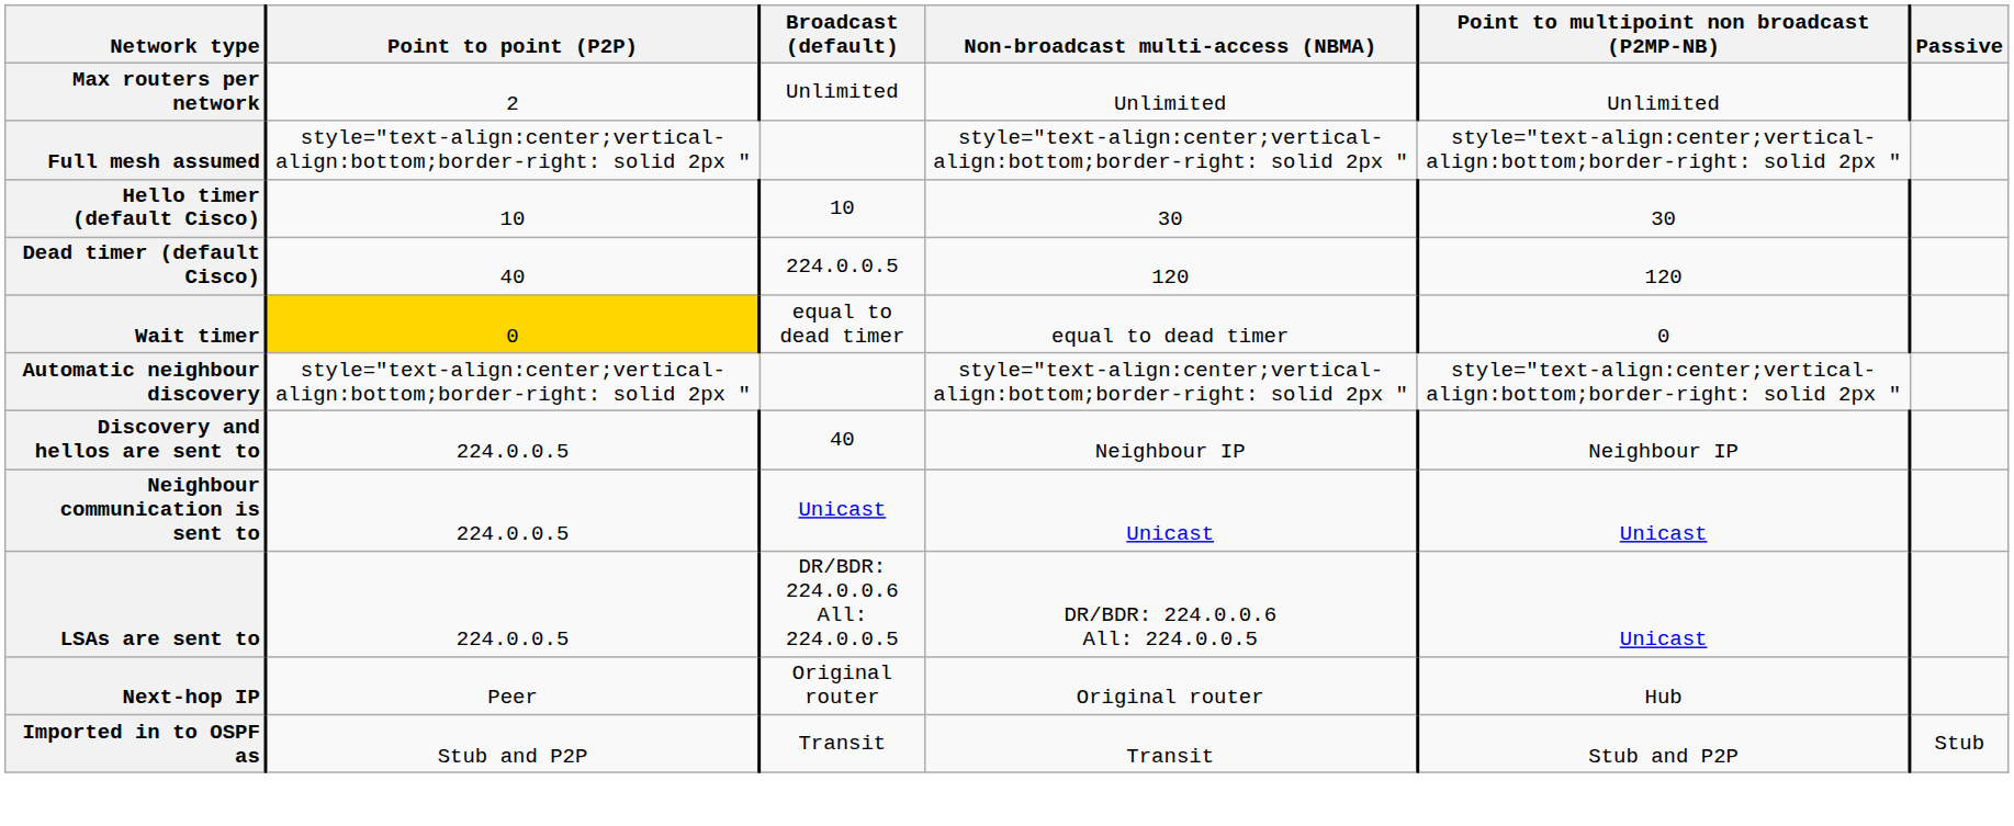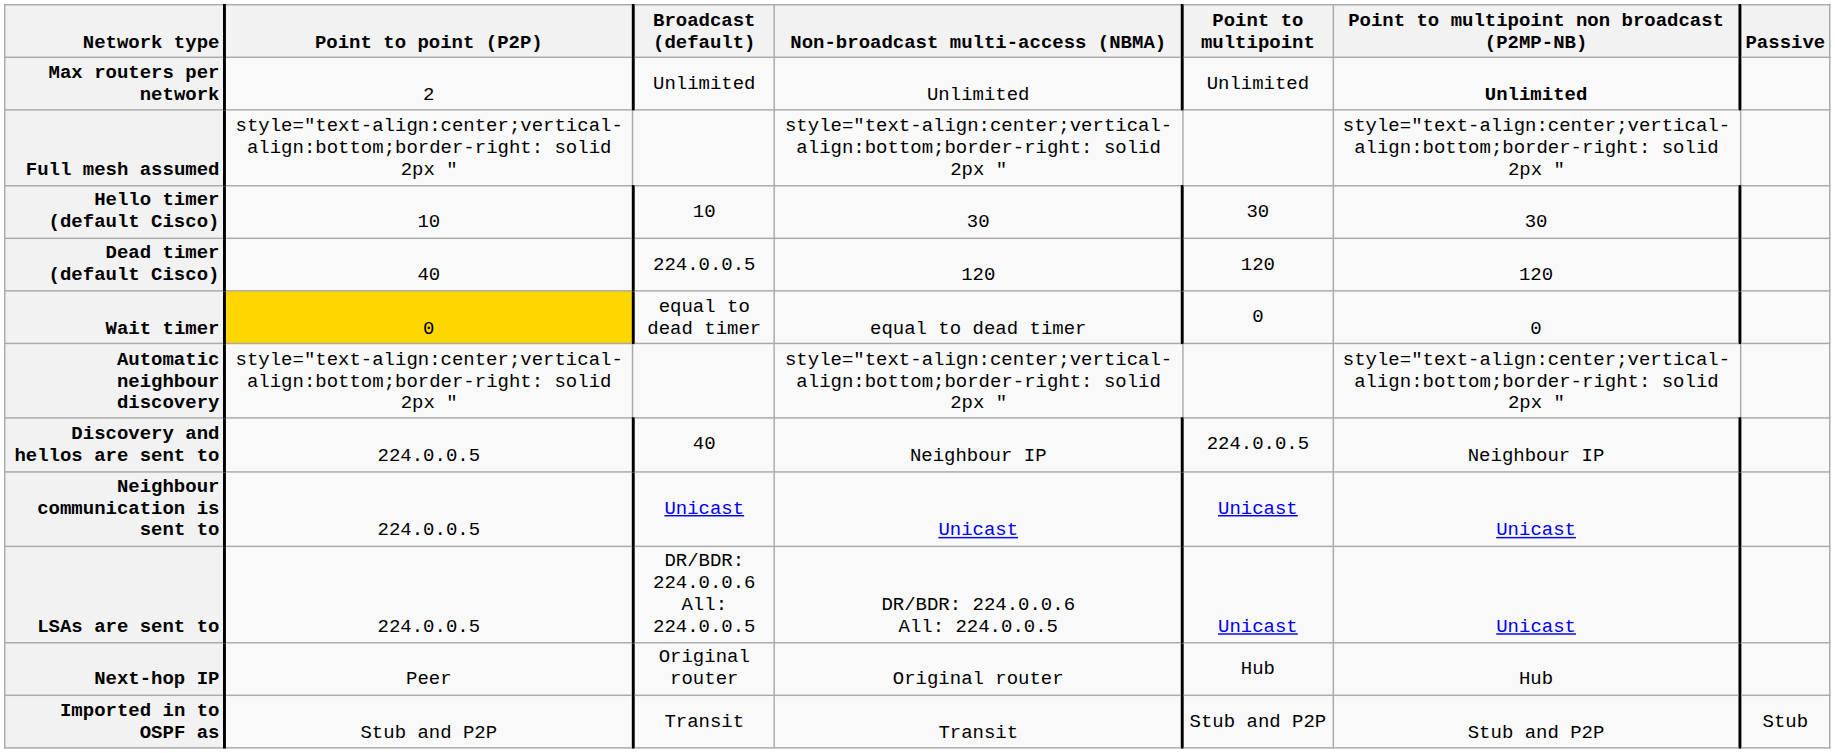 <table class="wikitable">
 <tr>
 <th style="text-align:right;vertical-align:bottom;border-right: solid 2px">Network type</th>
 <th style="vertical-align:bottom;border-right: solid 2px ">Point to point (P2P)</th>
 <th style="vertical-align:bottom;">Broadcast (default)</th>
 <th style="vertical-align:bottom;border-right: solid 2px ">Non-broadcast multi-access (NBMA)</th>
+<th style="vertical-align:bottom;">Point to multipoint</th>
 <th style="vertical-align:bottom;border-right: solid 2px ">Point to multipoint non broadcast (P2MP-NB)</th>
 <th style="vertical-align:bottom;">Passive</th>
 </tr>
 <tr style="text-align:center;vertical-align:middle;">
 <th style="text-align:right;vertical-align:bottom;border-right: solid 2px">Max routers per network</th>
 <td style="text-align:center;vertical-align:bottom;border-right: solid 2px">2</td>
 <td>Unlimited</td>
 <td style="text-align:center;vertical-align:bottom;border-right: solid 2px">Unlimited</td>
-<td style="text-align:center;vertical-align:bottom;border-right: solid 2px">Unlimited</td>
+<td>Unlimited</td>
+<td style="text-align:center;vertical-align:bottom;border-right: solid 2px"><strong>Unlimited</strong></td>
 <td></td>
 </tr>
 <tr style="text-align:center;vertical-align:middle;">
 <th style="text-align:right;vertical-align:bottom;border-right: solid 2px ">Full mesh assumed</th>
 <td>style="text-align:center;vertical-align:bottom;border-right: solid 2px " </td>
 <td></td>
 <td>style="text-align:center;vertical-align:bottom;border-right: solid 2px " </td>
+<td></td>
 <td>style="text-align:center;vertical-align:bottom;border-right: solid 2px " </td>
 <td></td>
 </tr>
 <tr style="text-align:center;vertical-align:middle;">
 <th style="text-align:right;vertical-align:bottom;border-right: solid 2px ">Hello timer (default Cisco)</th>
 <td style="text-align:center;vertical-align:bottom;border-right: solid 2px ">10</td>
 <td>10</td>
 <td style="text-align:center;vertical-align:bottom;border-right: solid 2px ">30</td>
+<td>30</td>
 <td style="text-align:center;vertical-align:bottom;border-right: solid 2px ">30</td>
 <td></td>
 </tr>
 <tr style="text-align:center;vertical-align:middle;">
 <th style="text-align:right;vertical-align:bottom;border-right: solid 2px">Dead timer (default Cisco)</th>
 <td style="text-align:center;vertical-align:bottom;border-right: solid 2px ">40</td>
 <td>224.0.0.5</td>
 <td style="text-align:center;vertical-align:bottom;border-right: solid 2px ">120</td>
+<td>120</td>
 <td style="text-align:center;vertical-align:bottom;border-right: solid 2px ">120</td>
 <td></td>
 </tr>
 <tr style="text-align:center;vertical-align:middle;">
 <th style="text-align:right;vertical-align:bottom;border-right: solid 2px">Wait timer</th>
 <td style="background: gold; text-align:center;vertical-align:bottom;border-right: solid 2px ">0</td>
 <td>equal to dead timer</td>
 <td style="text-align:center;vertical-align:bottom;border-right: solid 2px ">equal to dead timer</td>
+<td>0</td>
 <td style="text-align:center;vertical-align:bottom;border-right: solid 2px ">0</td>
 <td></td>
 </tr>
 <tr style="text-align:center;vertical-align:middle;">
 <th style="text-align:right;vertical-align:bottom;border-right: solid 2px ">Automatic neighbour discovery</th>
 <td>style="text-align:center;vertical-align:bottom;border-right: solid 2px " </td>
 <td></td>
 <td>style="text-align:center;vertical-align:bottom;border-right: solid 2px " </td>
+<td></td>
 <td>style="text-align:center;vertical-align:bottom;border-right: solid 2px " </td>
 <td></td>
 </tr>
 <tr style="text-align:center;vertical-align:middle;">
 <th style="text-align:right;vertical-align:bottom;border-right: solid 2px">Discovery and hellos are sent to</th>
 <td style="text-align:center;vertical-align:bottom;border-right: solid 2px">224.0.0.5</td>
 <td>40</td>
 <td style="text-align:center;vertical-align:bottom;border-right: solid 2px">Neighbour IP</td>
+<td>224.0.0.5</td>
 <td style="text-align:center;vertical-align:bottom;border-right: solid 2px">Neighbour IP</td>
 <td></td>
 </tr>
 <tr style="text-align:center;vertical-align:middle;">
 <th style="text-align:right;vertical-align:bottom;border-right: solid 2px ">Neighbour communication is sent to</th>
 <td style="text-align:center;vertical-align:bottom;border-right: solid 2px ">224.0.0.5</td>
 <td><a href='#'>Unicast</a></td>
 <td style="text-align:center;vertical-align:bottom;border-right: solid 2px "><a href='#'>Unicast</a></td>
+<td><a href='#'>Unicast</a></td>
 <td style="text-align:center;vertical-align:bottom;border-right: solid 2px "><a href='#'>Unicast</a></td>
 <td></td>
 </tr>
 <tr style="text-align:center;vertical-align:bottom;">
 <th style="text-align:right;vertical-align:bottom;border-right: solid 2px ">LSAs are sent to</th>
 <td style="text-align:center;vertical-align:bottom;border-right: solid 2px ">224.0.0.5</td>
 <td>DR/BDR: 224.0.0.6<br>All: 224.0.0.5</td>
 <td style="text-align:center;vertical-align:bottom;border-right: solid 2px ">DR/BDR: 224.0.0.6<br>All: 224.0.0.5</td>
+<td><a href='#'>Unicast</a></td>
 <td style="text-align:center;vertical-align:bottom;border-right: solid 2px "><a href='#'>Unicast</a></td>
 <td></td>
 </tr>
 <tr style="text-align:center;vertical-align:middle;">
 <th style="text-align:right;vertical-align:bottom;border-right: solid 2px ">Next-hop IP</th>
 <td style="text-align:center;vertical-align:bottom;border-right: solid 2px ">Peer</td>
 <td>Original router</td>
 <td style="text-align:center;vertical-align:bottom;border-right: solid 2px ">Original router</td>
+<td>Hub</td>
 <td style="text-align:center;vertical-align:bottom;border-right: solid 2px ">Hub</td>
 <td></td>
 </tr>
 <tr style="text-align:center;vertical-align:middle;">
 <th style="text-align:right;vertical-align:bottom;border-right: solid 2px ">Imported in to OSPF as</th>
 <td style="text-align:center;vertical-align:bottom;border-right: solid 2px ">Stub and P2P</td>
 <td>Transit</td>
 <td style="text-align:center;vertical-align:bottom;border-right: solid 2px ">Transit</td>
+<td>Stub and P2P</td>
 <td style="text-align:center;vertical-align:bottom;border-right: solid 2px ">Stub and P2P</td>
 <td>Stub</td>
 </tr>
 </table>
